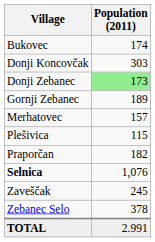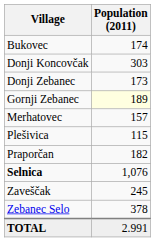 <table class="sortable wikitable" style="text-align:right">
 <tr>
 <th>Village</th>
 <th>Population<br>(2011)</th>
 </tr>
 <tr>
 <td style="text-align:left">Bukovec</td>
 <td>174</td>
 </tr>
 <tr>
 <td style="text-align:left">Donji Koncovčak</td>
 <td>303</td>
 </tr>
 <tr>
 <td style="text-align:left">Donji Zebanec</td>
-<td style="background: lightgreen;">173</td>
+<td>173</td>
 </tr>
 <tr>
 <td style="text-align:left">Gornji Zebanec</td>
-<td>189</td>
+<td style="background: lightyellow;">189</td>
 </tr>
 <tr>
 <td style="text-align:left">Merhatovec</td>
 <td>157</td>
 </tr>
 <tr>
 <td style="text-align:left">Plešivica</td>
 <td>115</td>
 </tr>
 <tr>
 <td style="text-align:left">Praporčan</td>
 <td>182</td>
 </tr>
 <tr>
 <td style="text-align:left"><strong>Selnica</strong></td>
 <td>1,076</td>
 </tr>
 <tr>
 <td style="text-align:left">Zaveščak</td>
 <td>245</td>
 </tr>
 <tr>
 <td style="text-align:left"><a href='#'>Zebanec Selo</a></td>
 <td>378</td>
 </tr>
 <tr>
 </tr>
 <tr class="sortbottom">
 <td style="text-align:left; background: #efefef; border-top: 2px solid gray;"><strong>TOTAL</strong></td>
 <td style="background:#efefef; border-top:2px solid gray;">2.991</td>
 </tr>
 </table>
